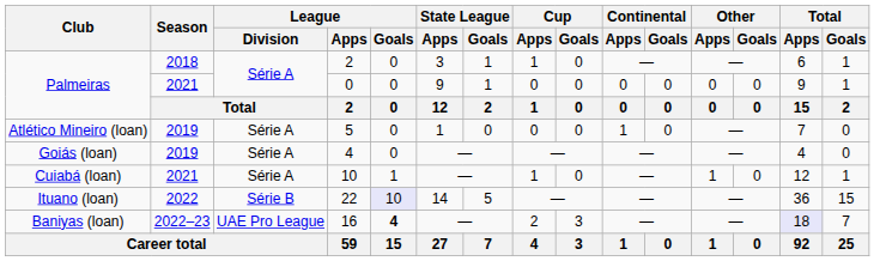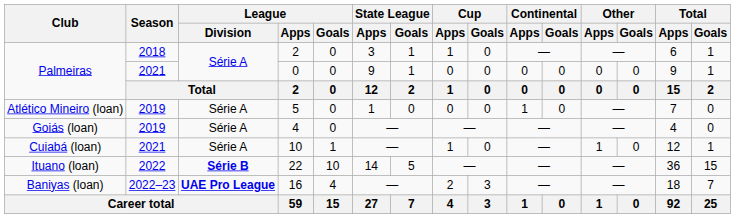 <table class="wikitable" style="text-align: center">
 <tr>
 <th rowspan="2">Club</th>
 <th rowspan="2">Season</th>
 <th colspan="3">League</th>
 <th colspan="2">State League</th>
 <th colspan="2">Cup</th>
 <th colspan="2">Continental</th>
 <th colspan="2">Other</th>
 <th colspan="2">Total</th>
 </tr>
 <tr>
 <th>Division</th>
 <th>Apps</th>
 <th>Goals</th>
 <th>Apps</th>
 <th>Goals</th>
 <th>Apps</th>
 <th>Goals</th>
 <th>Apps</th>
 <th>Goals</th>
 <th>Apps</th>
 <th>Goals</th>
 <th>Apps</th>
 <th>Goals</th>
 </tr>
 <tr>
 <td rowspan="3"><a href='#'>Palmeiras</a></td>
 <td><a href='#'>2018</a></td>
 <td rowspan="2"><a href='#'>Série A</a></td>
 <td>2</td>
 <td>0</td>
 <td>3</td>
 <td>1</td>
 <td>1</td>
 <td>0</td>
 <td colspan="2">—</td>
 <td colspan="2">—</td>
 <td>6</td>
 <td>1</td>
 </tr>
 <tr>
 <td><a href='#'>2021</a></td>
 <td>0</td>
 <td>0</td>
 <td>9</td>
 <td>1</td>
 <td>0</td>
 <td>0</td>
 <td>0</td>
 <td>0</td>
 <td>0</td>
 <td>0</td>
 <td>9</td>
 <td>1</td>
 </tr>
 <tr>
 <th colspan="2">Total</th>
 <th>2</th>
 <th>0</th>
 <th>12</th>
 <th>2</th>
 <th>1</th>
 <th>0</th>
 <th>0</th>
 <th>0</th>
 <th>0</th>
 <th>0</th>
 <th>15</th>
 <th>2</th>
 </tr>
 <tr>
 <td><a href='#'>Atlético Mineiro</a> (loan)</td>
 <td><a href='#'>2019</a></td>
 <td>Série A</td>
 <td>5</td>
 <td>0</td>
 <td>1</td>
 <td>0</td>
 <td>0</td>
 <td>0</td>
 <td>1</td>
 <td>0</td>
 <td colspan="2">—</td>
 <td>7</td>
 <td>0</td>
 </tr>
 <tr>
 <td><a href='#'>Goiás</a> (loan)</td>
 <td><a href='#'>2019</a></td>
 <td>Série A</td>
 <td>4</td>
 <td>0</td>
 <td colspan="2">—</td>
 <td colspan="2">—</td>
 <td colspan="2">—</td>
 <td colspan="2">—</td>
 <td>4</td>
 <td>0</td>
 </tr>
 <tr>
 <td><a href='#'>Cuiabá</a> (loan)</td>
 <td><a href='#'>2021</a></td>
 <td>Série A</td>
 <td>10</td>
 <td>1</td>
 <td colspan="2">—</td>
 <td>1</td>
 <td>0</td>
 <td colspan="2">—</td>
 <td>1</td>
 <td>0</td>
 <td>12</td>
 <td>1</td>
 </tr>
 <tr>
 <td><a href='#'>Ituano</a> (loan)</td>
 <td><a href='#'>2022</a></td>
-<td><a href='#'>Série B</a></td>
+<td><strong><a href='#'>Série B</a></strong></td>
 <td>22</td>
-<td style="background: lavender;">10</td>
+<td>10</td>
 <td>14</td>
 <td>5</td>
 <td colspan="2">—</td>
 <td colspan="2">—</td>
 <td colspan="2">—</td>
 <td>36</td>
 <td>15</td>
 </tr>
 <tr>
 <td><a href='#'>Baniyas</a> (loan)</td>
 <td><a href='#'>2022–23</a></td>
-<td><a href='#'>UAE Pro League</a></td>
+<td><strong><a href='#'>UAE Pro League</a></strong></td>
 <td>16</td>
-<td><strong>4</strong></td>
+<td>4</td>
 <td colspan="2">—</td>
 <td>2</td>
 <td>3</td>
 <td colspan="2">—</td>
 <td colspan="2">—</td>
-<td style="background: lavender;">18</td>
+<td>18</td>
 <td>7</td>
 </tr>
 <tr>
 <th colspan="3"><strong>Career total</strong></th>
 <th>59</th>
 <th>15</th>
 <th>27</th>
 <th>7</th>
 <th>4</th>
 <th>3</th>
 <th>1</th>
 <th>0</th>
 <th>1</th>
 <th>0</th>
 <th>92</th>
 <th>25</th>
 </tr>
 </table>
